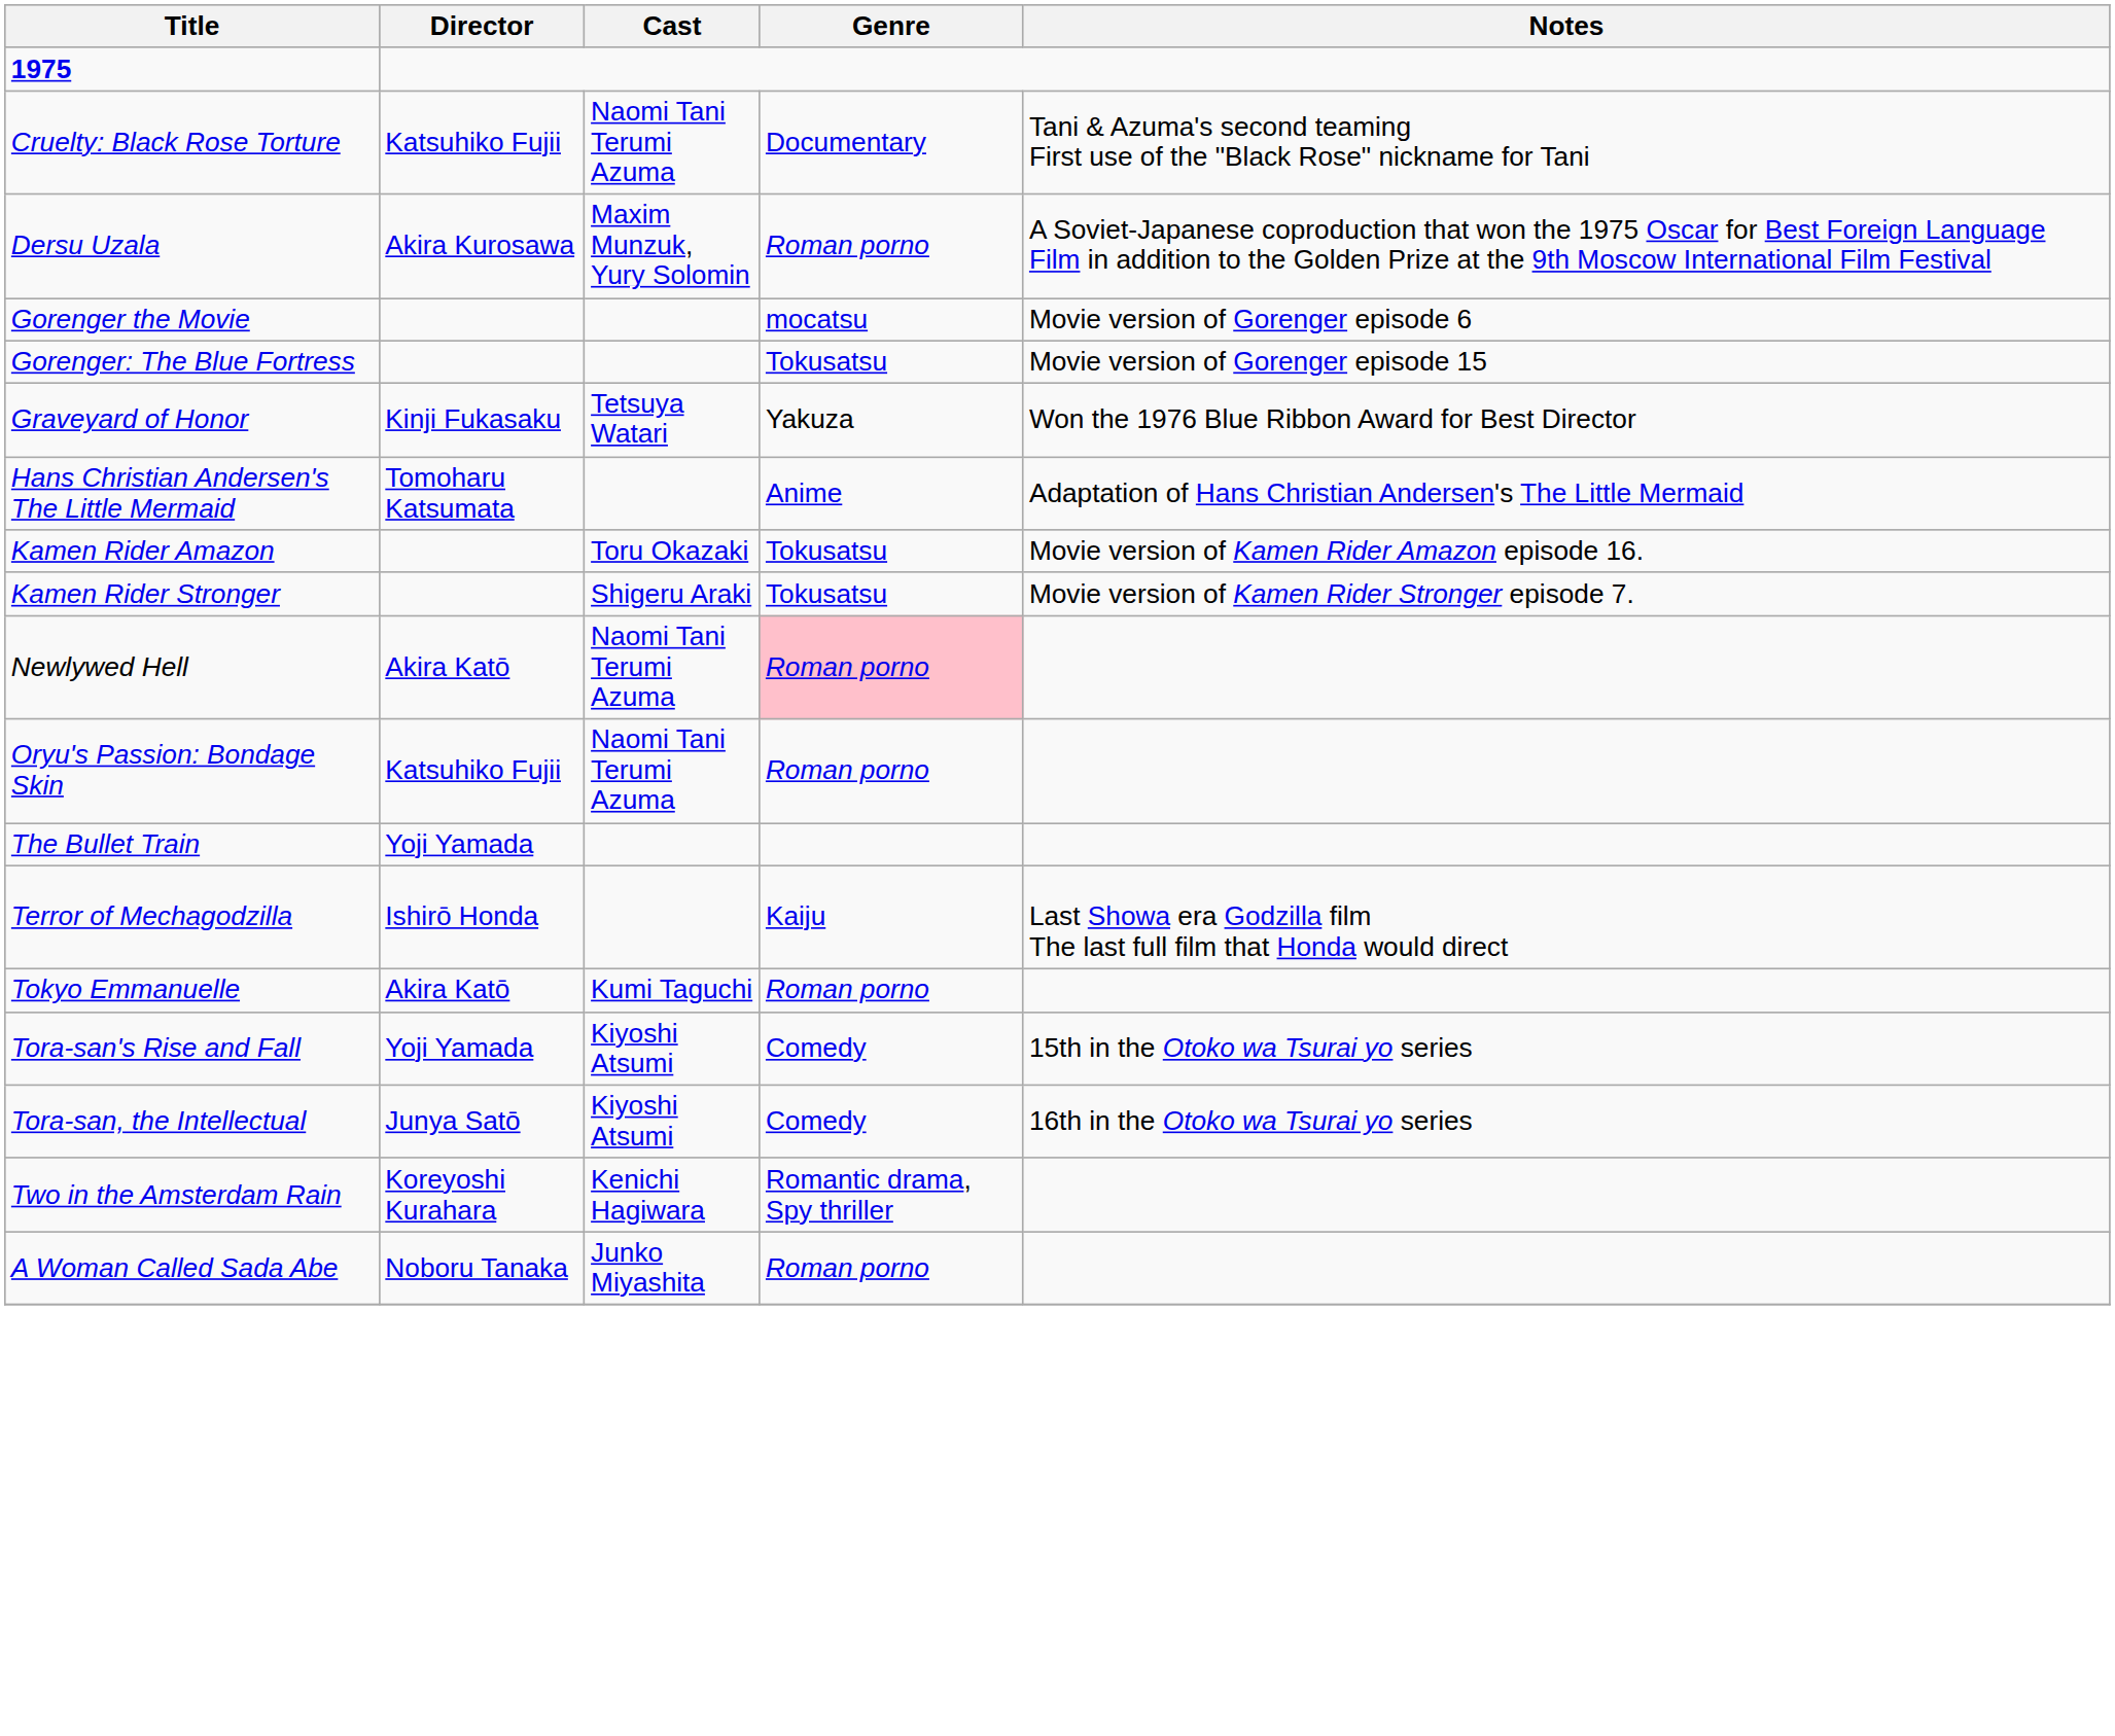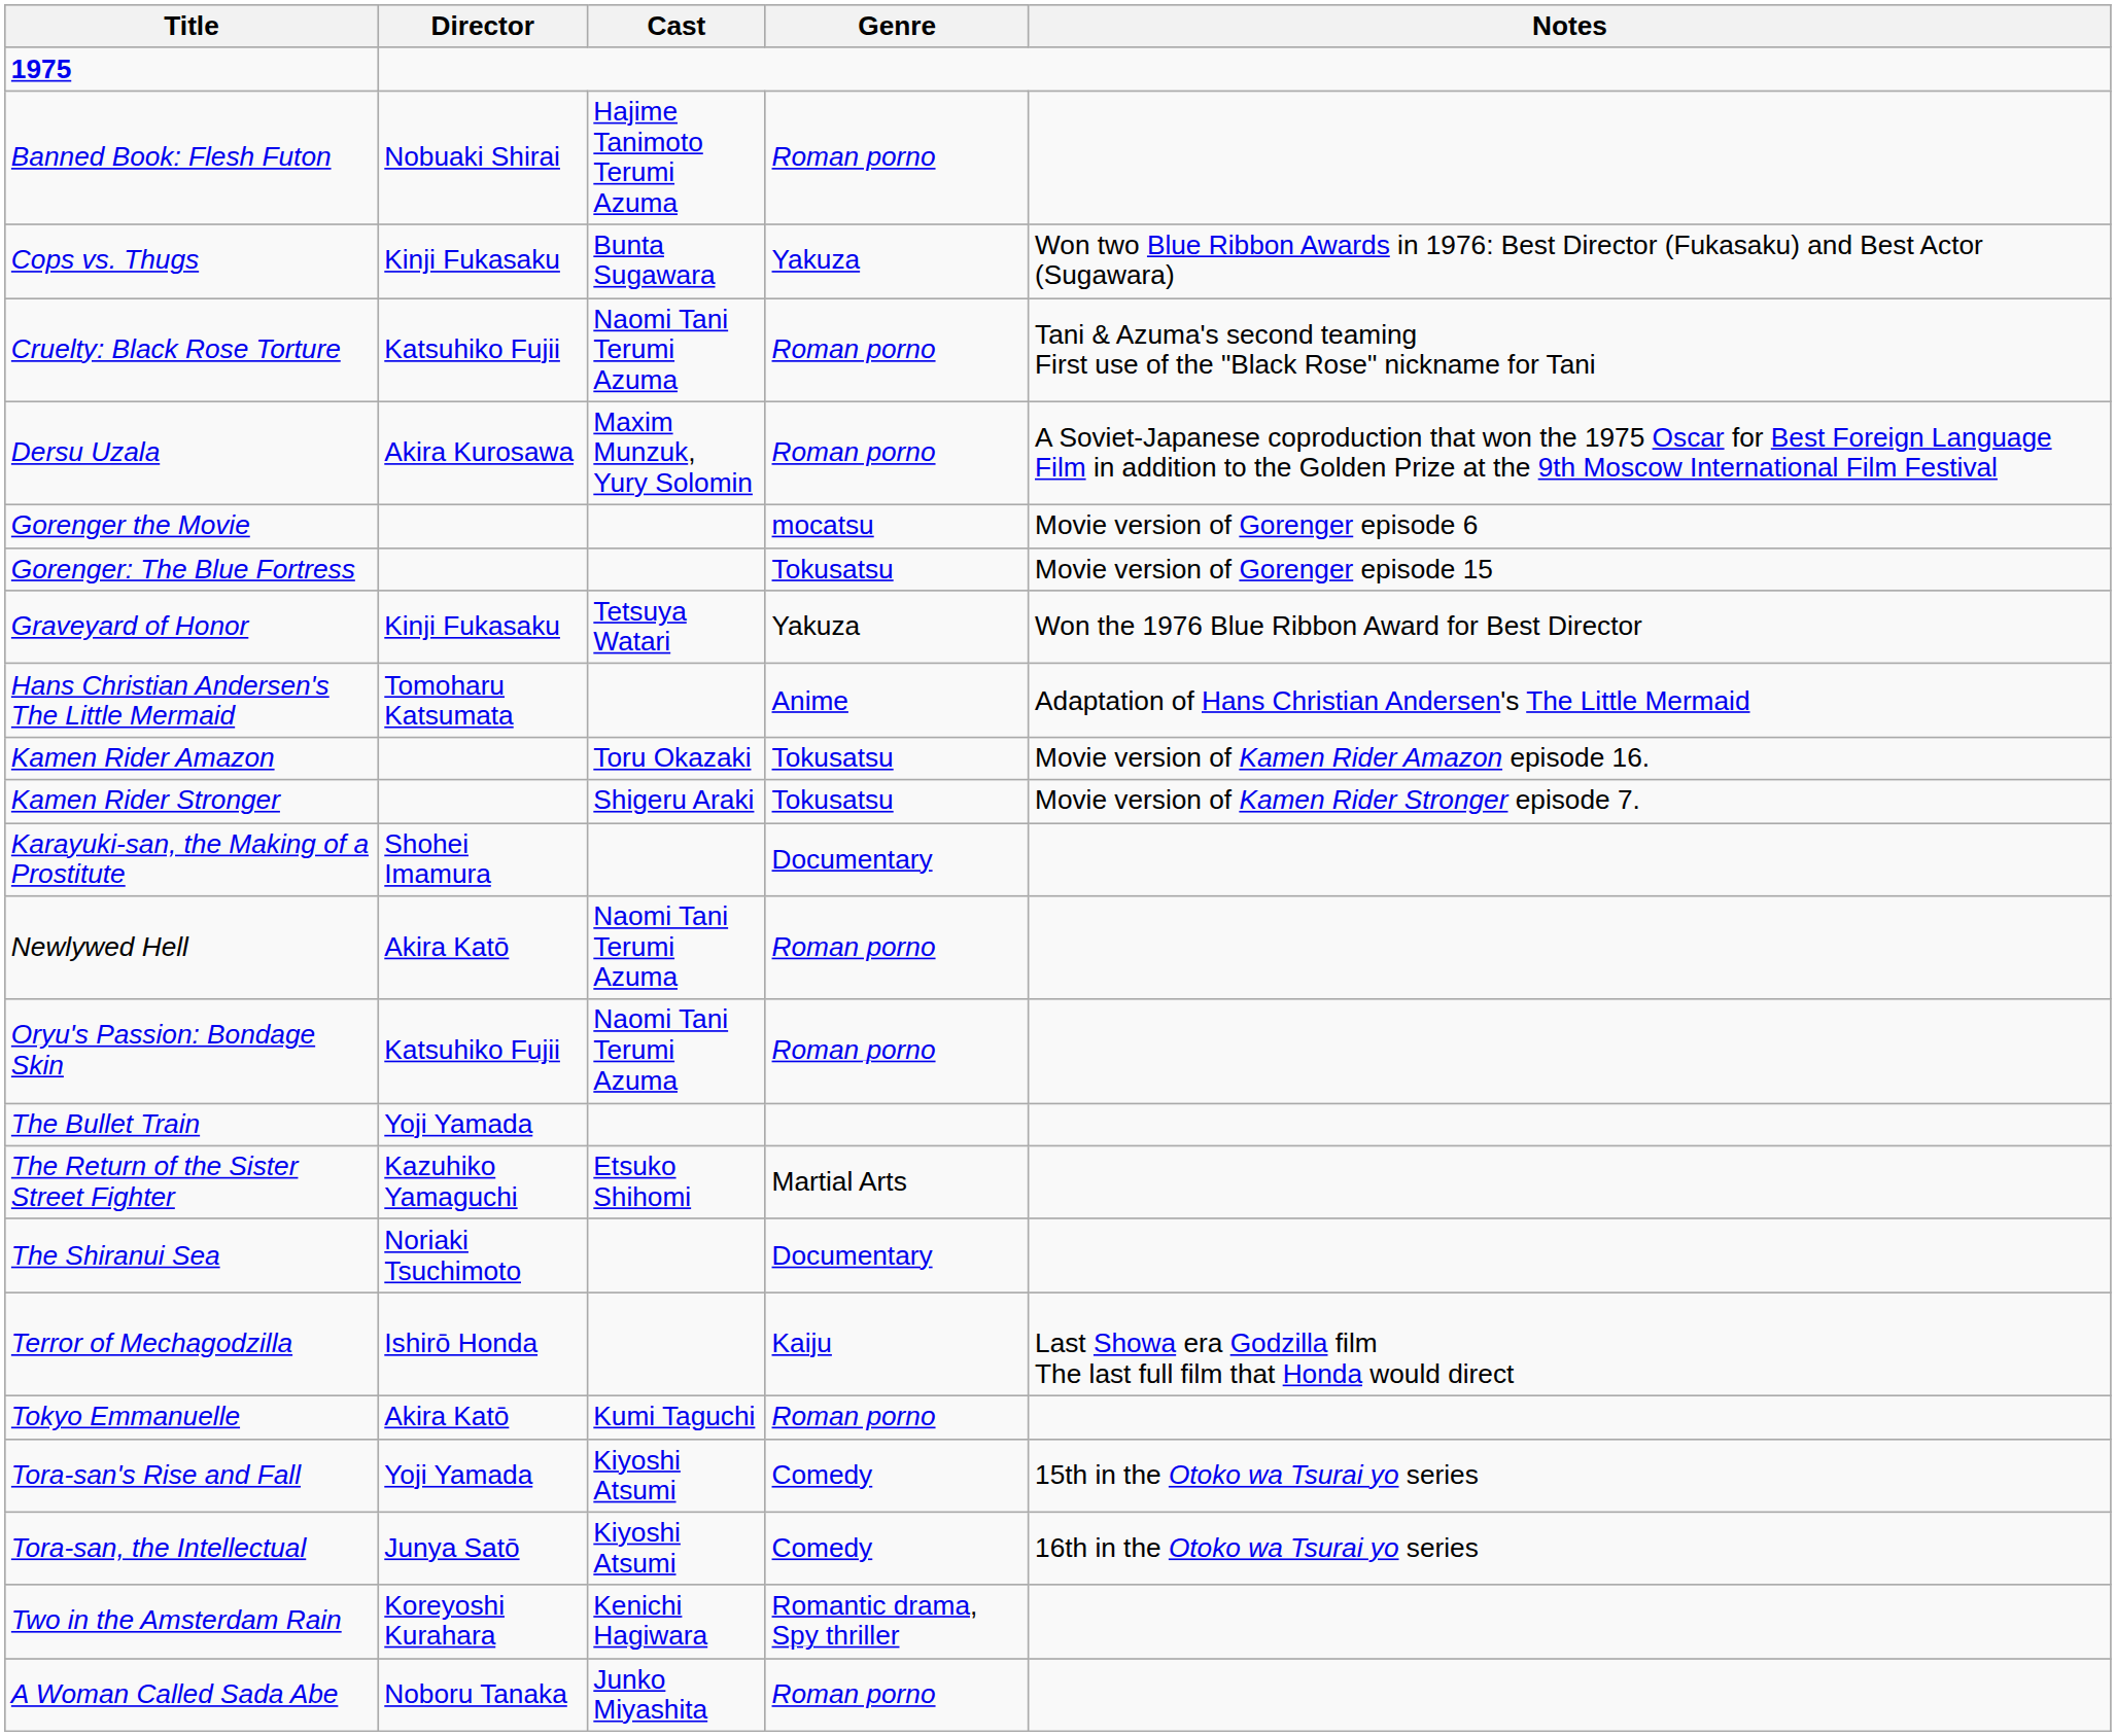 <table class="wikitable">
 <tr>
 <th>Title</th>
 <th>Director</th>
 <th>Cast</th>
 <th>Genre</th>
 <th>Notes</th>
 </tr>
 <tr>
 <td><strong><a href='#'>1975</a></strong></td>
 </tr>
 <tr>
+<td><em><a href='#'>Banned Book: Flesh Futon</a></em></td>
+<td><a href='#'>Nobuaki Shirai</a></td>
+<td><a href='#'>Hajime Tanimoto</a><br><a href='#'>Terumi Azuma</a></td>
+<td><a href='#'><em>Roman porno</em></a></td>
+<td></td>
+</tr>
+<tr>
+<td><em><a href='#'>Cops vs. Thugs</a></em></td>
+<td><a href='#'>Kinji Fukasaku</a></td>
+<td><a href='#'>Bunta Sugawara</a></td>
+<td><a href='#'>Yakuza</a></td>
+<td>Won two <a href='#'>Blue Ribbon Awards</a> in 1976: Best Director (Fukasaku) and Best Actor (Sugawara)</td>
+</tr>
+<tr>
 <td><em><a href='#'>Cruelty: Black Rose Torture</a></em></td>
 <td><a href='#'>Katsuhiko Fujii</a></td>
 <td><a href='#'>Naomi Tani</a><br><a href='#'>Terumi Azuma</a></td>
-<td><a href='#'>Documentary</a></td>
+<td><a href='#'><em>Roman porno</em></a></td>
 <td>Tani & Azuma's second teaming<br>First use of the "Black Rose" nickname for Tani</td>
 </tr>
 <tr>
 <td><em><a href='#'>Dersu Uzala</a></em></td>
 <td><a href='#'>Akira Kurosawa</a></td>
 <td><a href='#'>Maxim Munzuk</a>,<br> <a href='#'>Yury Solomin</a></td>
 <td><a href='#'><em>Roman porno</em></a></td>
 <td>A Soviet-Japanese coproduction that won the 1975 <a href='#'>Oscar</a> for <a href='#'>Best Foreign Language Film</a> in addition to the Golden Prize at the <a href='#'>9th Moscow International Film Festival</a></td>
 </tr>
 <tr>
 <td><em><a href='#'>Gorenger the Movie</a></em></td>
 <td></td>
 <td></td>
 <td><a href='#'>mocatsu</a></td>
 <td>Movie version of <a href='#'>Gorenger</a> episode 6</td>
 </tr>
 <tr>
 <td><em><a href='#'>Gorenger: The Blue Fortress</a></em></td>
 <td></td>
 <td></td>
 <td><a href='#'>Tokusatsu</a></td>
 <td>Movie version of <a href='#'>Gorenger</a> episode 15</td>
 </tr>
 <tr>
 <td><em><a href='#'>Graveyard of Honor</a></em></td>
 <td><a href='#'>Kinji Fukasaku</a></td>
 <td><a href='#'>Tetsuya Watari</a></td>
 <td>Yakuza</td>
 <td>Won the 1976 Blue Ribbon Award for Best Director</td>
 </tr>
 <tr>
 <td><em><a href='#'>Hans Christian Andersen's The Little Mermaid</a></em></td>
 <td><a href='#'>Tomoharu Katsumata</a></td>
 <td></td>
 <td><a href='#'>Anime</a></td>
 <td>Adaptation of <a href='#'>Hans Christian Andersen</a>'s <a href='#'>The Little Mermaid</a></td>
 </tr>
 <tr>
 <td><em><a href='#'>Kamen Rider Amazon</a></em></td>
 <td></td>
 <td><a href='#'>Toru Okazaki</a></td>
 <td><a href='#'>Tokusatsu</a></td>
 <td>Movie version of <em><a href='#'>Kamen Rider Amazon</a></em> episode 16.</td>
 </tr>
 <tr>
 <td><em><a href='#'>Kamen Rider Stronger</a></em></td>
 <td></td>
 <td><a href='#'>Shigeru Araki</a></td>
 <td><a href='#'>Tokusatsu</a></td>
 <td>Movie version of <em><a href='#'>Kamen Rider Stronger</a></em> episode 7.</td>
 </tr>
 <tr>
+<td><em><a href='#'>Karayuki-san, the Making of a Prostitute</a></em></td>
+<td><a href='#'>Shohei Imamura</a></td>
+<td></td>
+<td><a href='#'>Documentary</a></td>
+<td></td>
+</tr>
+<tr>
 <td><em>Newlywed Hell</em></td>
 <td><a href='#'>Akira Katō</a></td>
 <td><a href='#'>Naomi Tani</a><br><a href='#'>Terumi Azuma</a></td>
-<td style="background: pink;"><a href='#'><em>Roman porno</em></a></td>
+<td><a href='#'><em>Roman porno</em></a></td>
 <td></td>
 </tr>
 <tr>
 <td><em><a href='#'>Oryu's Passion: Bondage Skin</a></em></td>
 <td><a href='#'>Katsuhiko Fujii</a></td>
 <td><a href='#'>Naomi Tani</a><br><a href='#'>Terumi Azuma</a></td>
 <td><a href='#'><em>Roman porno</em></a></td>
 <td></td>
 </tr>
 <tr>
 <td><em><a href='#'>The Bullet Train</a></em></td>
 <td><a href='#'>Yoji Yamada</a></td>
 <td></td>
 <td></td>
+<td></td>
+</tr>
+<tr>
+<td><em><a href='#'>The Return of the Sister Street Fighter</a></em></td>
+<td><a href='#'>Kazuhiko Yamaguchi</a></td>
+<td><a href='#'>Etsuko Shihomi</a></td>
+<td>Martial Arts</td>
+<td></td>
+</tr>
+<tr>
+<td><em><a href='#'>The Shiranui Sea</a></em></td>
+<td><a href='#'>Noriaki Tsuchimoto</a></td>
+<td></td>
+<td><a href='#'>Documentary</a></td>
 <td></td>
 </tr>
 <tr>
 <td><em><a href='#'>Terror of Mechagodzilla</a></em></td>
 <td><a href='#'>Ishirō Honda</a></td>
 <td></td>
 <td><a href='#'>Kaiju</a></td>
 <td><br>Last <a href='#'>Showa</a> era <a href='#'>Godzilla</a> film <br> The last full film that <a href='#'>Honda</a> would direct</td>
 </tr>
 <tr>
 <td><em><a href='#'>Tokyo Emmanuelle</a></em></td>
 <td><a href='#'>Akira Katō</a></td>
 <td><a href='#'>Kumi Taguchi</a></td>
 <td><a href='#'><em>Roman porno</em></a></td>
 <td></td>
 </tr>
 <tr>
 <td><em><a href='#'>Tora-san's Rise and Fall</a></em></td>
 <td><a href='#'>Yoji Yamada</a></td>
 <td><a href='#'>Kiyoshi Atsumi</a></td>
 <td><a href='#'>Comedy</a></td>
 <td>15th in the <em><a href='#'>Otoko wa Tsurai yo</a></em> series</td>
 </tr>
 <tr>
 <td><em><a href='#'>Tora-san, the Intellectual</a></em></td>
 <td><a href='#'>Junya Satō</a></td>
 <td><a href='#'>Kiyoshi Atsumi</a></td>
 <td><a href='#'>Comedy</a></td>
 <td>16th in the <em><a href='#'>Otoko wa Tsurai yo</a></em> series</td>
 </tr>
 <tr>
 <td><em><a href='#'>Two in the Amsterdam Rain</a></em></td>
 <td><a href='#'>Koreyoshi Kurahara</a></td>
 <td><a href='#'>Kenichi Hagiwara</a></td>
 <td><a href='#'>Romantic drama</a>, <a href='#'>Spy thriller</a></td>
 </tr>
 <tr>
 <td><em><a href='#'>A Woman Called Sada Abe</a></em></td>
 <td><a href='#'>Noboru Tanaka</a></td>
 <td><a href='#'>Junko Miyashita</a></td>
 <td><a href='#'><em>Roman porno</em></a></td>
 <td></td>
 </tr>
 <tr>
 </tr>
 </table>
